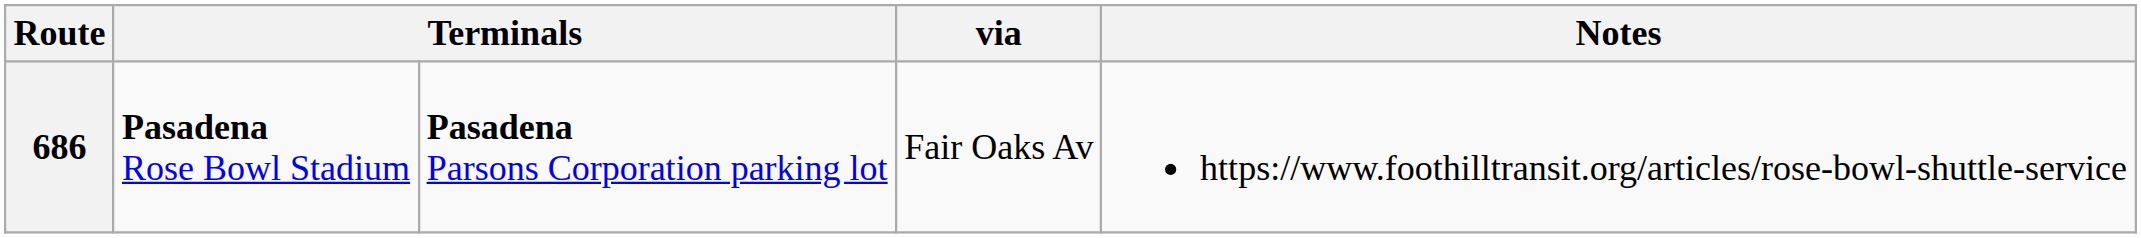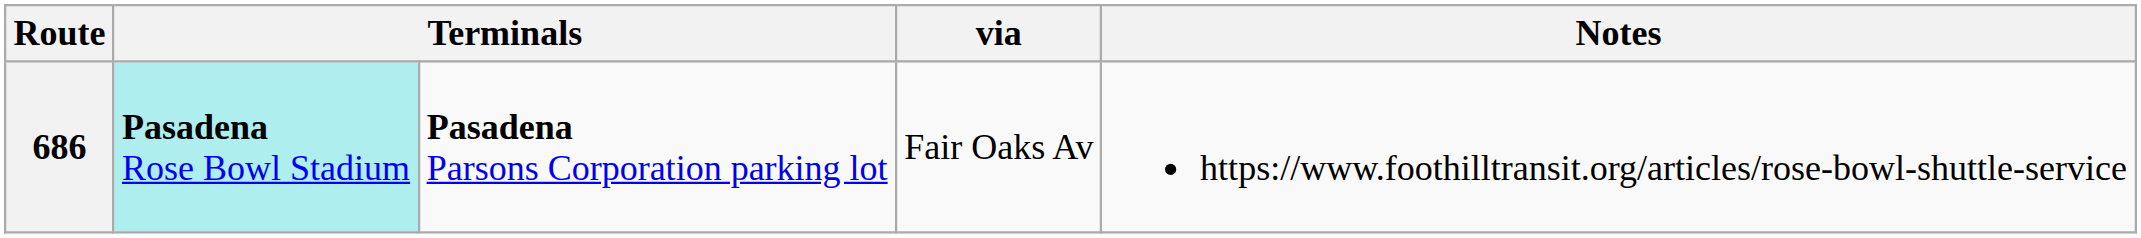 <table class="wikitable">
 <tr>
 <th>Route</th>
 <th colspan="2">Terminals</th>
 <th>via</th>
 <th>Notes</th>
 </tr>
 <tr>
 <th>686</th>
-<td><strong>Pasadena</strong><br><a href='#'>Rose Bowl Stadium</a></td>
+<td style="background: paleturquoise;"><strong>Pasadena</strong><br><a href='#'>Rose Bowl Stadium</a></td>
 <td><strong>Pasadena</strong><br><a href='#'>Parsons Corporation parking lot</a></td>
 <td>Fair Oaks Av</td>
 <td><br><ul><li>https://www.foothilltransit.org/articles/rose-bowl-shuttle-service</li></ul></td>
 </tr>
 </table>
